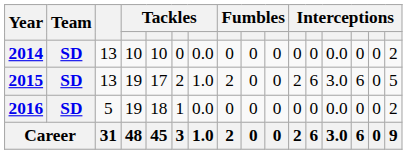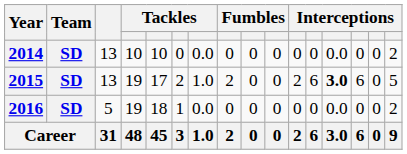 <table class="wikitable" style="text-align:center;">
 <tr>
 <th rowspan="2">Year</th>
 <th rowspan="2">Team</th>
 <th rowspan="2"></th>
 <th colspan="4">Tackles</th>
 <th colspan="3">Fumbles</th>
 <th colspan="6">Interceptions</th>
 </tr>
 <tr>
 <th></th>
 <th></th>
 <th></th>
 <th></th>
 <th></th>
 <th></th>
 <th></th>
 <th></th>
 <th></th>
 <th></th>
 <th></th>
 <th></th>
 <th></th>
 </tr>
 <tr>
 <th><a href='#'>2014</a></th>
 <th><a href='#'>SD</a></th>
 <td>13</td>
 <td>10</td>
 <td>10</td>
 <td>0</td>
 <td>0.0</td>
 <td>0</td>
 <td>0</td>
 <td>0</td>
 <td>0</td>
 <td>0</td>
 <td>0.0</td>
 <td>0</td>
 <td>0</td>
 <td>2</td>
 </tr>
 <tr>
 <th><a href='#'>2015</a></th>
 <th><a href='#'>SD</a></th>
 <td>13</td>
 <td>19</td>
 <td>17</td>
 <td>2</td>
 <td>1.0</td>
 <td>2</td>
 <td>0</td>
 <td>0</td>
 <td>2</td>
 <td>6</td>
-<td>3.0</td>
+<td><strong>3.0</strong></td>
 <td>6</td>
 <td>0</td>
 <td>5</td>
 </tr>
 <tr>
 <th><a href='#'>2016</a></th>
 <th><a href='#'>SD</a></th>
 <td>5</td>
 <td>19</td>
 <td>18</td>
 <td>1</td>
 <td>0.0</td>
 <td>0</td>
 <td>0</td>
 <td>0</td>
 <td>0</td>
 <td>0</td>
 <td>0.0</td>
 <td>0</td>
 <td>0</td>
 <td>2</td>
 </tr>
 <tr>
 <th colspan="2">Career</th>
 <th>31</th>
 <th>48</th>
 <th>45</th>
 <th>3</th>
 <th>1.0</th>
 <th>2</th>
 <th>0</th>
 <th>0</th>
 <th>2</th>
 <th>6</th>
 <th>3.0</th>
 <th>6</th>
 <th>0</th>
 <th>9</th>
 </tr>
 </table>
